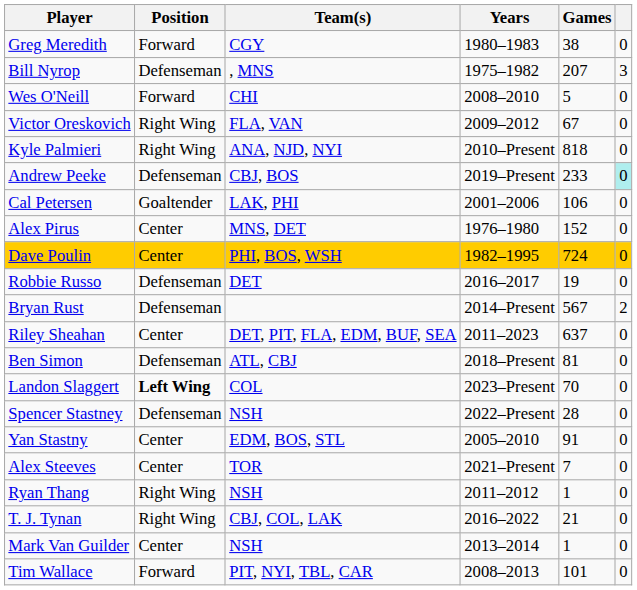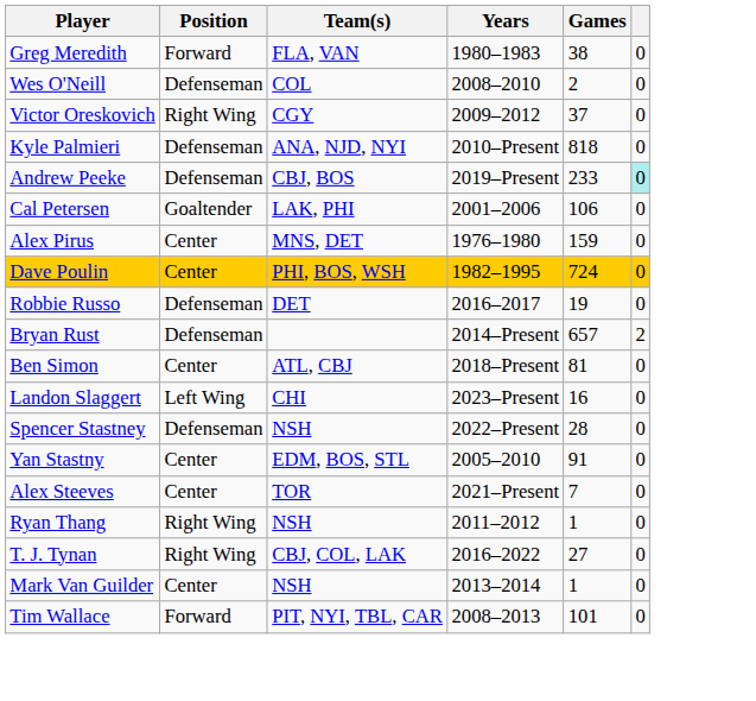 <table class="wikitable sortable">
 <tr>
 <th>Player</th>
 <th>Position</th>
 <th>Team(s)</th>
 <th>Years</th>
 <th>Games</th>
 <th><a href='#'></a></th>
 </tr>
 <tr>
 <td><a href='#'>Greg Meredith</a></td>
 <td>Forward</td>
-<td><a href='#'>CGY</a></td>
+<td><a href='#'>FLA</a>, <a href='#'>VAN</a></td>
 <td>1980–1983</td>
 <td>38</td>
 <td>0</td>
 </tr>
 <tr>
-<td><a href='#'>Bill Nyrop</a></td>
+<td><a href='#'>Wes O'Neill</a></td>
 <td>Defenseman</td>
-<td><span><strong></strong></span>, <a href='#'>MNS</a></td>
-<td>1975–1982</td>
-<td>207</td>
-<td>3</td>
-</tr>
-<tr>
-<td><a href='#'>Wes O'Neill</a></td>
-<td>Forward</td>
-<td><a href='#'>CHI</a></td>
+<td><a href='#'>COL</a></td>
 <td>2008–2010</td>
-<td>5</td>
+<td>2</td>
 <td>0</td>
 </tr>
 <tr>
 <td><a href='#'>Victor Oreskovich</a></td>
 <td>Right Wing</td>
-<td><a href='#'>FLA</a>, <a href='#'>VAN</a></td>
+<td><a href='#'>CGY</a></td>
 <td>2009–2012</td>
-<td>67</td>
+<td>37</td>
 <td>0</td>
 </tr>
 <tr>
 <td><a href='#'>Kyle Palmieri</a></td>
-<td>Right Wing</td>
+<td>Defenseman</td>
 <td><a href='#'>ANA</a>, <a href='#'>NJD</a>, <a href='#'>NYI</a></td>
 <td>2010–Present</td>
 <td>818</td>
 <td>0</td>
 </tr>
 <tr>
 <td><a href='#'>Andrew Peeke</a></td>
 <td>Defenseman</td>
 <td><a href='#'>CBJ</a>, <a href='#'>BOS</a></td>
 <td>2019–Present</td>
 <td>233</td>
 <td style="background: paleturquoise;">0</td>
 </tr>
 <tr>
 <td><a href='#'>Cal Petersen</a></td>
 <td>Goaltender</td>
 <td><a href='#'>LAK</a>, <a href='#'>PHI</a></td>
 <td>2001–2006</td>
 <td>106</td>
 <td>0</td>
 </tr>
 <tr>
 <td><a href='#'>Alex Pirus</a></td>
 <td>Center</td>
 <td><a href='#'>MNS</a>, <a href='#'>DET</a></td>
 <td>1976–1980</td>
-<td>152</td>
+<td>159</td>
 <td>0</td>
 </tr>
 <tr bgcolor=#FFCC00>
 <td><a href='#'>Dave Poulin</a></td>
 <td>Center</td>
 <td><a href='#'>PHI</a>, <a href='#'>BOS</a>, <a href='#'>WSH</a></td>
 <td>1982–1995</td>
 <td>724</td>
 <td>0</td>
 </tr>
 <tr>
 <td><a href='#'>Robbie Russo</a></td>
 <td>Defenseman</td>
 <td><a href='#'>DET</a></td>
 <td>2016–2017</td>
 <td>19</td>
 <td>0</td>
 </tr>
 <tr>
 <td><a href='#'>Bryan Rust</a></td>
 <td>Defenseman</td>
 <td><span><strong></strong></span></td>
 <td>2014–Present</td>
-<td>567</td>
+<td>657</td>
 <td>2</td>
 </tr>
 <tr>
-<td><a href='#'>Riley Sheahan</a></td>
+<td><a href='#'>Ben Simon</a></td>
 <td>Center</td>
-<td><a href='#'>DET</a>, <a href='#'>PIT</a>, <a href='#'>FLA</a>, <a href='#'>EDM</a>, <a href='#'>BUF</a>, <a href='#'>SEA</a></td>
-<td>2011–2023</td>
-<td>637</td>
-<td>0</td>
-</tr>
-<tr>
-<td><a href='#'>Ben Simon</a></td>
-<td>Defenseman</td>
 <td><a href='#'>ATL</a>, <a href='#'>CBJ</a></td>
 <td>2018–Present</td>
 <td>81</td>
 <td>0</td>
 </tr>
 <tr>
 <td><a href='#'>Landon Slaggert</a></td>
-<td><strong>Left Wing</strong></td>
-<td><a href='#'>COL</a></td>
+<td>Left Wing</td>
+<td><a href='#'>CHI</a></td>
 <td>2023–Present</td>
-<td>70</td>
+<td>16</td>
 <td>0</td>
 </tr>
 <tr>
 <td><a href='#'>Spencer Stastney</a></td>
 <td>Defenseman</td>
 <td><a href='#'>NSH</a></td>
 <td>2022–Present</td>
 <td>28</td>
 <td>0</td>
 </tr>
 <tr>
 <td><a href='#'>Yan Stastny</a></td>
 <td>Center</td>
 <td><a href='#'>EDM</a>, <a href='#'>BOS</a>, <a href='#'>STL</a></td>
 <td>2005–2010</td>
 <td>91</td>
 <td>0</td>
 </tr>
 <tr>
 <td><a href='#'>Alex Steeves</a></td>
 <td>Center</td>
 <td><a href='#'>TOR</a></td>
 <td>2021–Present</td>
 <td>7</td>
 <td>0</td>
 </tr>
 <tr>
 <td><a href='#'>Ryan Thang</a></td>
 <td>Right Wing</td>
 <td><a href='#'>NSH</a></td>
 <td>2011–2012</td>
 <td>1</td>
 <td>0</td>
 </tr>
 <tr>
 <td><a href='#'>T. J. Tynan</a></td>
 <td>Right Wing</td>
 <td><a href='#'>CBJ</a>, <a href='#'>COL</a>, <a href='#'>LAK</a></td>
 <td>2016–2022</td>
-<td>21</td>
+<td>27</td>
 <td>0</td>
 </tr>
 <tr>
 <td><a href='#'>Mark Van Guilder</a></td>
 <td>Center</td>
 <td><a href='#'>NSH</a></td>
 <td>2013–2014</td>
 <td>1</td>
 <td>0</td>
 </tr>
 <tr>
 <td><a href='#'>Tim Wallace</a></td>
 <td>Forward</td>
 <td><a href='#'>PIT</a>, <a href='#'>NYI</a>, <a href='#'>TBL</a>, <a href='#'>CAR</a></td>
 <td>2008–2013</td>
 <td>101</td>
 <td>0</td>
 </tr>
 </table>
